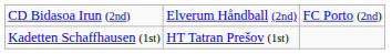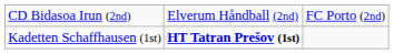 <table class="wikitable">
 <tr>
 <td> <a href='#'>CD Bidasoa Irun</a> <small>(<a href='#'>2nd</a>)</small></td>
 <td> <a href='#'>Elverum Håndball</a> <small><a href='#'>(2nd)</a></small></td>
 <td> <a href='#'>FC Porto</a> <small>(<a href='#'>2nd</a>)</small></td>
 </tr>
 <tr>
 <td> <a href='#'>Kadetten Schaffhausen</a> <small>(1st)</small></td>
-<td> <a href='#'>HT Tatran Prešov</a> <small>(1st)</small></td>
+<td><strong> <a href='#'>HT Tatran Prešov</a> <small>(1st)</small></strong></td>
 </tr>
 </table>
